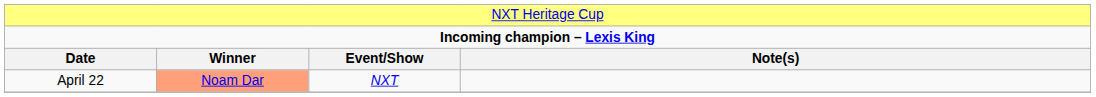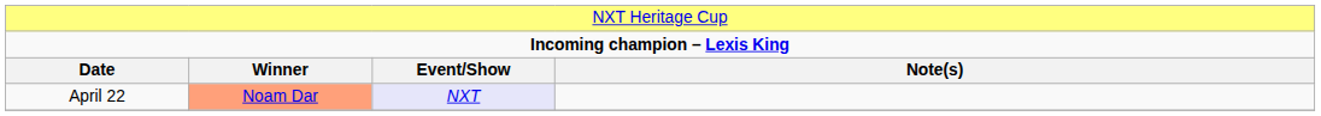 <table class="wikitable" style="text-align:center; width:100%;">
 <tr style="background:#FFFF80;">
 <td colspan="4" style="text-align: center;"><a href='#'>NXT Heritage Cup</a></td>
 </tr>
 <tr>
 <td colspan="4" style="text-align: center;"><strong>Incoming champion – <a href='#'>Lexis King</a></strong></td>
 </tr>
 <tr>
 <th width="14%">Date</th>
 <th width="14%">Winner</th>
 <th width="14%">Event/Show</th>
 <th width="58%">Note(s)</th>
 </tr>
 <tr>
 <td>April 22</td>
 <td style="background: lightsalmon;"><a href='#'>Noam Dar</a></td>
-<td><a href='#'><em>NXT</em></a></td>
+<td style="background: lavender;"><a href='#'><em>NXT</em></a></td>
 <td></td>
 </tr>
 <tr>
 </tr>
 </table>
